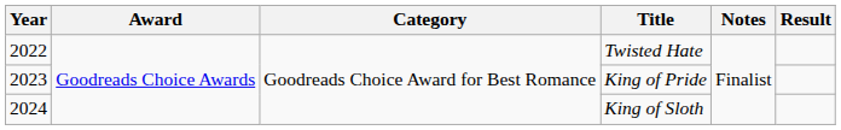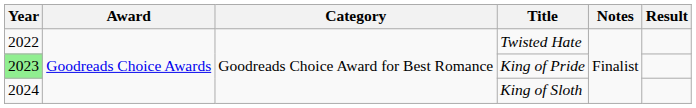 <table class="wikitable">
 <tr>
 <th>Year</th>
 <th>Award</th>
 <th>Category</th>
 <th>Title</th>
 <th>Notes</th>
 <th>Result</th>
 </tr>
 <tr>
 <td>2022</td>
 <td ! rowspan="3"><a href='#'>Goodreads Choice Awards</a></td>
 <td ! rowspan="3">Goodreads Choice Award for Best Romance</td>
 <td><em>Twisted Hate</em></td>
 <td ! rowspan="3">Finalist</td>
 <td></td>
 </tr>
 <tr>
-<td>2023</td>
+<td style="background: lightgreen;">2023</td>
 <td><em>King of Pride</em></td>
 <td></td>
 </tr>
 <tr>
 <td>2024</td>
 <td><em>King of Sloth</em></td>
 <td></td>
 </tr>
 </table>
